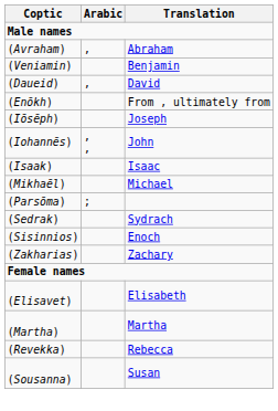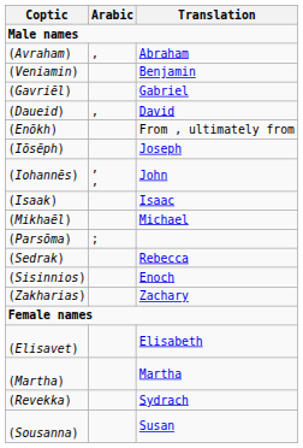 <table class="wikitable">
 <tr>
 <th>Coptic</th>
 <th>Arabic</th>
 <th>Translation</th>
 </tr>
 <tr>
 <td colspan="3"><strong>Male names</strong></td>
 </tr>
 <tr>
 <td> (<em>Avraham</em>)</td>
 <td>,<br></td>
 <td><a href='#'>Abraham</a></td>
 </tr>
 <tr>
 <td> (<em>Veniamin</em>)</td>
 <td></td>
 <td><a href='#'>Benjamin</a></td>
+</tr>
+<tr>
+<td> (<em>Gavriēl</em>)</td>
+<td></td>
+<td><a href='#'>Gabriel</a></td>
 </tr>
 <tr>
 <td> (<em>Daueid</em>)</td>
 <td>,<br></td>
 <td><a href='#'>David</a></td>
 </tr>
 <tr>
 <td> (<em>Enōkh</em>)</td>
 <td></td>
 <td>From , ultimately from </td>
 </tr>
 <tr>
 <td> (<em>Iōsēph</em>)</td>
 <td></td>
 <td><a href='#'>Joseph</a></td>
 </tr>
 <tr>
 <td> (<em>Iohannēs</em>)</td>
 <td>,<br>,  </td>
 <td><a href='#'>John</a></td>
 </tr>
 <tr>
 <td> (<em>Isaak</em>)</td>
 <td></td>
 <td><a href='#'>Isaac</a></td>
 </tr>
 <tr>
 <td> (<em>Mikhaēl</em>)</td>
 <td></td>
 <td><a href='#'>Michael</a></td>
 </tr>
 <tr>
 <td> (<em>Parsōma</em>)</td>
 <td>;<br></td>
 <td></td>
 </tr>
 <tr>
 <td> (<em>Sedrak</em>)</td>
 <td></td>
-<td><a href='#'>Sydrach</a></td>
+<td><a href='#'>Rebecca</a></td>
 </tr>
 <tr>
 <td> (<em>Sisinnios</em>)</td>
 <td></td>
 <td><a href='#'>Enoch</a></td>
 </tr>
 <tr>
 <td> (<em>Zakharias</em>)</td>
 <td></td>
 <td><a href='#'>Zachary</a></td>
 </tr>
 <tr>
 <td colspan="3"><strong>Female names</strong></td>
 </tr>
 <tr>
 <td><br>(<em>Elisavet</em>)</td>
 <td></td>
 <td><a href='#'>Elisabeth</a></td>
 </tr>
 <tr>
 <td><br>(<em>Martha</em>)</td>
 <td></td>
 <td><a href='#'>Martha</a></td>
 </tr>
 <tr>
 <td> (<em>Revekka</em>)</td>
 <td></td>
-<td><a href='#'>Rebecca</a></td>
+<td><a href='#'>Sydrach</a></td>
 </tr>
 <tr>
 <td><br>(<em>Sousanna</em>)</td>
 <td></td>
 <td><a href='#'>Susan</a></td>
 </tr>
 </table>
